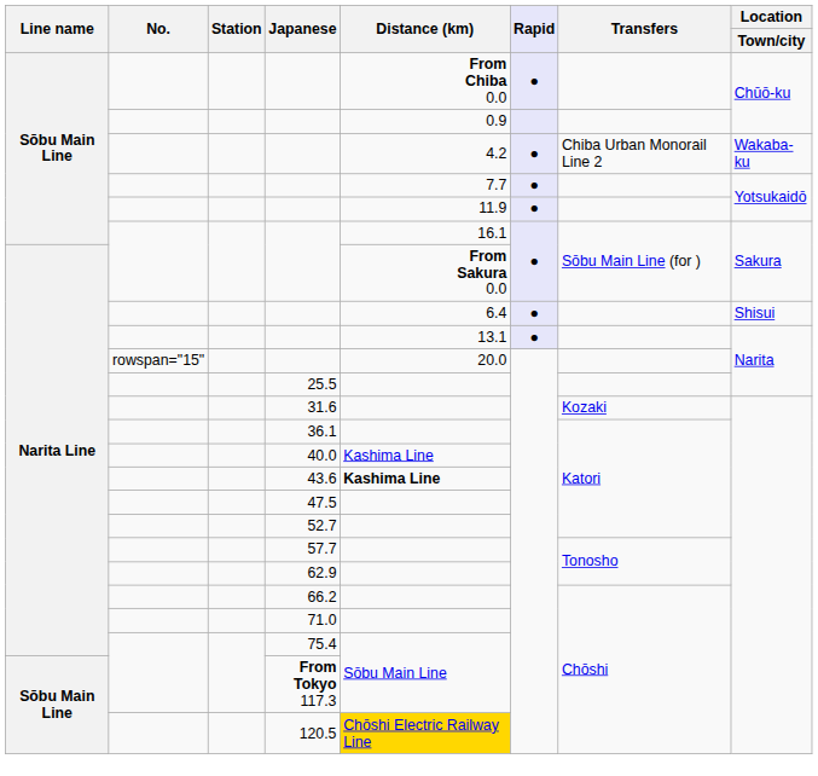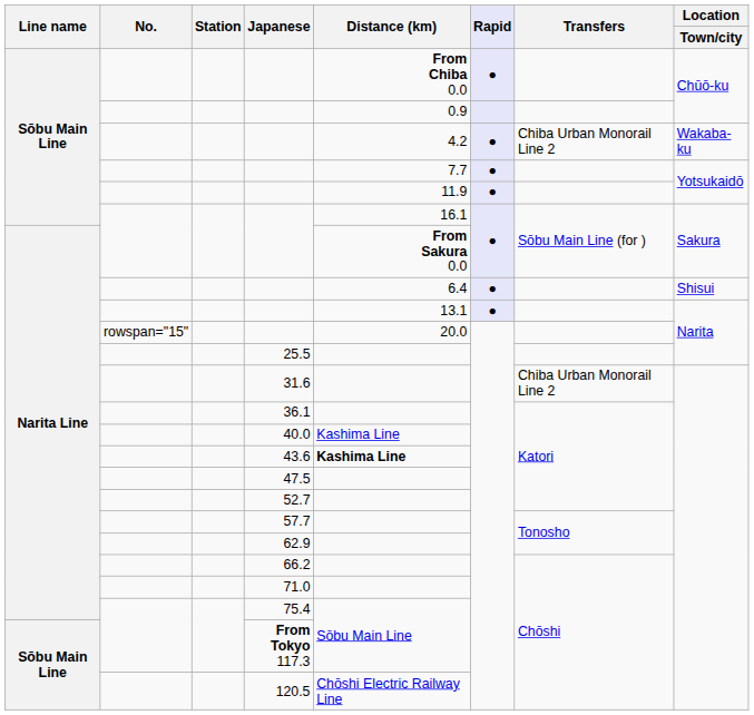 <table table class="wikitable">
 <tr>
 <th rowspan=2>Line name</th>
 <th rowspan=2>No.</th>
 <th rowspan=2>Station</th>
 <th rowspan=2>Japanese</th>
 <th rowspan=2>Distance (km)</th>
 <th rowspan=2 style="background-color:Lavender;">Rapid</th>
 <th rowspan=2>Transfers</th>
 <th>Location</th>
 </tr>
 <tr>
 <th>Town/city</th>
 </tr>
 <tr>
 <th rowspan="6">Sōbu Main Line</th>
 <td></td>
 <td></td>
 <td></td>
 <td style="text-align:right;"><span><strong>From<br>Chiba</strong></span><br>0.0</td>
 <td style="text-align:center; background-color:Lavender;">●</td>
 <td style="white-space:nowrap;"></td>
 <td rowspan="2"><a href='#'>Chūō-ku</a></td>
 </tr>
 <tr>
 <td></td>
 <td></td>
 <td></td>
 <td style="text-align: right;">0.9</td>
 <td style="text-align:center; background-color:Lavender;"></td>
 <td> </td>
 </tr>
 <tr>
 <td></td>
 <td></td>
 <td></td>
 <td style="text-align: right;">4.2</td>
 <td style="text-align:center; background-color:Lavender;">●</td>
 <td>Chiba Urban Monorail Line 2</td>
 <td><a href='#'>Wakaba-ku</a></td>
 </tr>
 <tr>
 <td></td>
 <td></td>
 <td></td>
 <td style="text-align: right;">7.7</td>
 <td style="text-align:center; background-color:Lavender;">●</td>
 <td> </td>
 <td rowspan="2"><a href='#'>Yotsukaidō</a></td>
 </tr>
 <tr>
 <td></td>
 <td></td>
 <td></td>
 <td style="text-align: right;">11.9</td>
 <td style="text-align:center; background-color:Lavender;">●</td>
 <td> </td>
 </tr>
 <tr>
 <td rowspan="2"></td>
 <td rowspan="2"></td>
 <td rowspan="2"></td>
 <td style="text-align: right;">16.1</td>
 <td rowspan="2" style="text-align:center; background-color:Lavender;">●</td>
 <td rowspan="2"> <a href='#'>Sōbu Main Line</a> (for )</td>
 <td rowspan="2"><a href='#'>Sakura</a></td>
 </tr>
 <tr>
 <th rowspan="16">Narita Line</th>
 <td style="text-align:right;"><span><strong>From<br>Sakura</strong></span><br>0.0</td>
 </tr>
 <tr>
 <td></td>
 <td></td>
 <td></td>
 <td style="text-align: right;">6.4</td>
 <td style="text-align:center; background-color:Lavender;">●</td>
 <td></td>
 <td><a href='#'>Shisui</a></td>
 </tr>
 <tr>
 <td></td>
 <td></td>
 <td></td>
 <td style="text-align: right;">13.1</td>
 <td style="text-align:center; background-color:Lavender;">●</td>
 <td></td>
 <td rowspan=3><a href='#'>Narita</a></td>
 </tr>
 <tr>
 <td>rowspan="15" </td>
 <td></td>
 <td></td>
 <td style="text-align: right;">20.0</td>
 <td rowspan="15"> </td>
 <td></td>
 </tr>
 <tr>
 <td></td>
 <td></td>
 <td style="text-align: right;">25.5</td>
 <td></td>
 </tr>
 <tr>
 <td></td>
 <td></td>
 <td style="text-align: right;">31.6</td>
 <td></td>
-<td><a href='#'>Kozaki</a></td>
+<td>Chiba Urban Monorail Line 2</td>
 </tr>
 <tr>
 <td></td>
 <td></td>
 <td style="text-align: right;">36.1</td>
 <td></td>
 <td rowspan=5><a href='#'>Katori</a></td>
 </tr>
 <tr>
 <td></td>
 <td></td>
 <td style="text-align: right;">40.0</td>
 <td> <a href='#'>Kashima Line</a></td>
 </tr>
 <tr>
 <td></td>
 <td></td>
 <td style="text-align: right;">43.6</td>
 <td><strong> Kashima Line</strong></td>
 </tr>
 <tr>
 <td></td>
 <td></td>
 <td style="text-align: right;">47.5</td>
 <td></td>
 </tr>
 <tr>
 <td></td>
 <td></td>
 <td style="text-align: right;">52.7</td>
 <td></td>
 </tr>
 <tr>
 <td></td>
 <td></td>
 <td style="text-align: right;">57.7</td>
 <td></td>
 <td rowspan=2><a href='#'>Tonosho</a></td>
 </tr>
 <tr>
 <td></td>
 <td></td>
 <td style="text-align: right;">62.9</td>
 <td></td>
 </tr>
 <tr>
 <td></td>
 <td></td>
 <td style="text-align: right;">66.2</td>
 <td></td>
 <td rowspan=5><a href='#'>Chōshi</a></td>
 </tr>
 <tr>
 <td></td>
 <td></td>
 <td style="text-align: right;">71.0</td>
 <td></td>
 </tr>
 <tr>
 <td rowspan="2"></td>
 <td rowspan="2"></td>
 <td style="text-align: right;">75.4</td>
 <td rowspan="2"> <a href='#'>Sōbu Main Line</a></td>
 </tr>
 <tr>
 <th rowspan="2">Sōbu Main Line</th>
 <td style="text-align:right;"><span><strong>From<br>Tokyo</strong></span><br>117.3</td>
 </tr>
 <tr>
 <td></td>
 <td></td>
 <td style="text-align: right;">120.5</td>
-<td style="background: gold;"><a href='#'>Chōshi Electric Railway Line</a></td>
+<td><a href='#'>Chōshi Electric Railway Line</a></td>
 </tr>
 </table>
